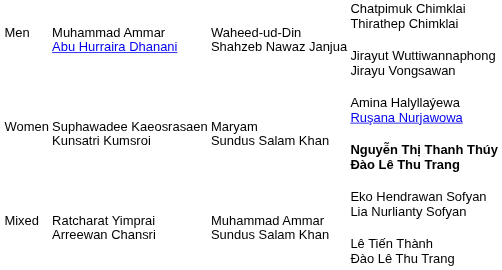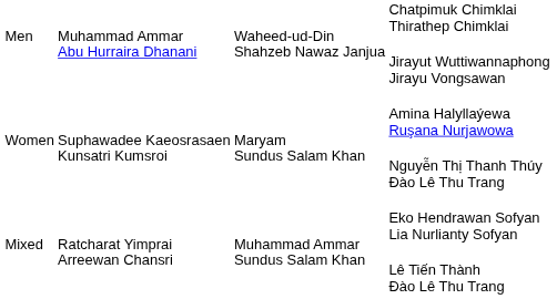 <table>
 <tr>
 <td rowspan=2>Men</td>
 <td rowspan=2><br>Muhammad Ammar<br><a href='#'>Abu Hurraira Dhanani</a></td>
 <td rowspan=2><br>Waheed-ud-Din<br>Shahzeb Nawaz Janjua</td>
 <td><br>Chatpimuk Chimklai<br>Thirathep Chimklai</td>
 </tr>
 <tr>
 <td><br>Jirayut Wuttiwannaphong<br>Jirayu Vongsawan</td>
 </tr>
 <tr>
 <td rowspan=2>Women</td>
 <td rowspan=2><br>Suphawadee Kaeosrasaen<br>Kunsatri Kumsroi</td>
 <td rowspan=2><br>Maryam<br>Sundus Salam Khan</td>
 <td><br>Amina Halyllaýewa<br><a href='#'>Ruşana Nurjawowa</a></td>
 </tr>
 <tr>
-<td><strong><br>Nguyễn Thị Thanh Thúy<br>Đào Lê Thu Trang</strong></td>
+<td><br>Nguyễn Thị Thanh Thúy<br>Đào Lê Thu Trang</td>
 </tr>
 <tr>
 <td rowspan=2>Mixed</td>
 <td rowspan=2><br>Ratcharat Yimprai<br>Arreewan Chansri</td>
 <td rowspan=2><br>Muhammad Ammar<br>Sundus Salam Khan</td>
 <td><br>Eko Hendrawan Sofyan<br>Lia Nurlianty Sofyan</td>
 </tr>
 <tr>
 <td><br>Lê Tiến Thành<br>Đào Lê Thu Trang</td>
 </tr>
 </table>
